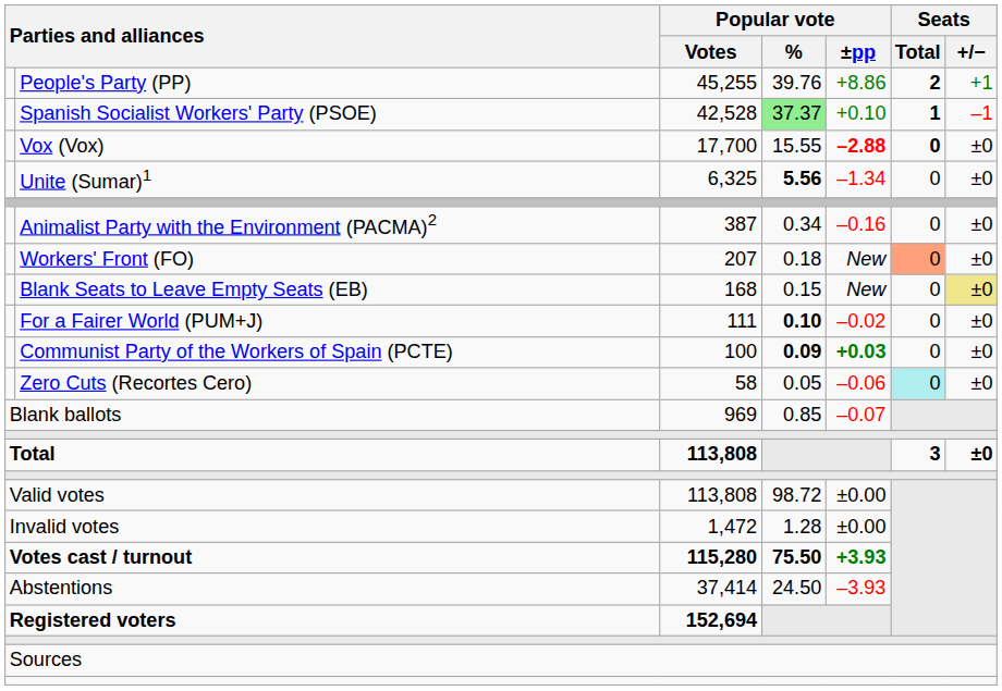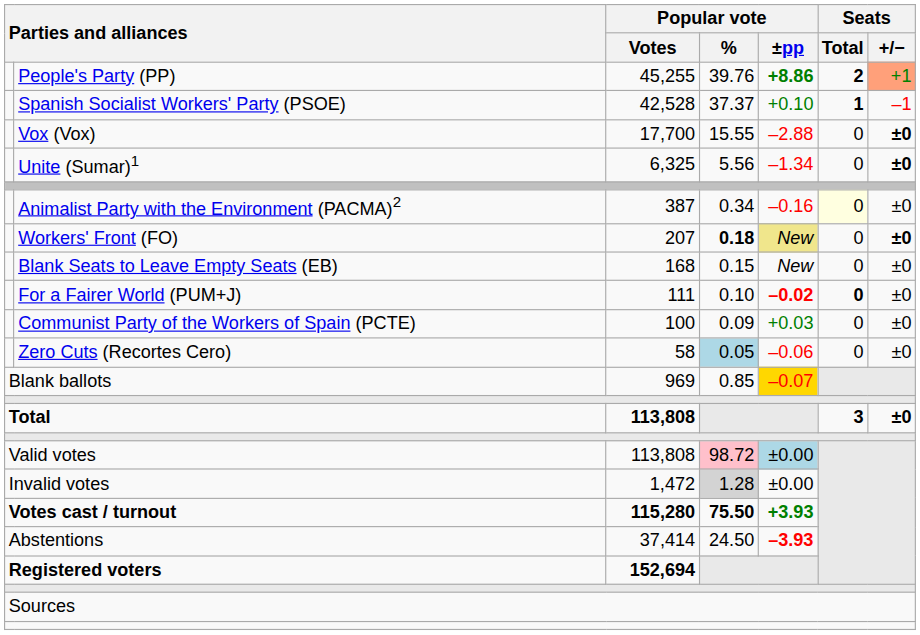 <table class="wikitable" style="text-align:right;">
 <tr>
 <th style="text-align:left;" rowspan="2" colspan="2" width="525">Parties and alliances</th>
 <th colspan="3">Popular vote</th>
 <th colspan="2">Seats</th>
 </tr>
 <tr>
 <th width="75">Votes</th>
 <th width="45">%</th>
 <th width="45">±<a href='#'>pp</a></th>
 <th width="35">Total</th>
 <th width="35">+/−</th>
 </tr>
 <tr>
 <td width="1" style="color:inherit;background:"></td>
 <td align="left"><a href='#'>People's Party</a> (PP)</td>
 <td>45,255</td>
 <td>39.76</td>
-<td style="color:green;">+8.86</td>
+<td style="color:green;"><strong>+8.86</strong></td>
 <td><strong>2</strong></td>
-<td style="color:green;">+1</td>
+<td style="background: lightsalmon; color:green;">+1</td>
 </tr>
 <tr>
 <td style="color:inherit;background:"></td>
 <td align="left"><a href='#'>Spanish Socialist Workers' Party</a> (PSOE)</td>
 <td>42,528</td>
-<td style="background: lightgreen;">37.37</td>
+<td>37.37</td>
 <td style="color:green;">+0.10</td>
 <td><strong>1</strong></td>
 <td style="color:red;">–1</td>
 </tr>
 <tr>
 <td style="color:inherit;background:"></td>
 <td align="left"><a href='#'>Vox</a> (Vox)</td>
 <td>17,700</td>
 <td>15.55</td>
-<td style="color:red;"><strong>–2.88</strong></td>
-<td><strong>0</strong></td>
-<td>±0</td>
+<td style="color:red;">–2.88</td>
+<td>0</td>
+<td><strong>±0</strong></td>
 </tr>
 <tr>
 <td style="color:inherit;background:"></td>
 <td align="left"><a href='#'>Unite</a> (Sumar)<sup>1</sup></td>
 <td>6,325</td>
-<td><strong>5.56</strong></td>
+<td>5.56</td>
 <td style="color:red;">–1.34</td>
 <td>0</td>
-<td>±0</td>
+<td><strong>±0</strong></td>
 </tr>
 <tr>
 <td colspan="7" bgcolor="#C0C0C0"></td>
 </tr>
 <tr>
 <td style="color:inherit;background:"></td>
 <td align="left"><a href='#'>Animalist Party with the Environment</a> (PACMA)<sup>2</sup></td>
 <td>387</td>
 <td>0.34</td>
 <td style="color:red;">–0.16</td>
-<td>0</td>
+<td style="background: lightyellow;">0</td>
 <td>±0</td>
 </tr>
 <tr>
 <td style="color:inherit;background:"></td>
 <td align="left"><a href='#'>Workers' Front</a> (FO)</td>
 <td>207</td>
-<td>0.18</td>
-<td><em>New</em></td>
-<td style="background: lightsalmon;">0</td>
-<td>±0</td>
+<td><strong>0.18</strong></td>
+<td style="background: khaki;"><em>New</em></td>
+<td>0</td>
+<td><strong>±0</strong></td>
 </tr>
 <tr>
 <td style="color:inherit;background:"></td>
 <td align="left"><a href='#'>Blank Seats to Leave Empty Seats</a> (EB)</td>
 <td>168</td>
 <td>0.15</td>
 <td><em>New</em></td>
 <td>0</td>
-<td style="background: khaki;">±0</td>
+<td>±0</td>
 </tr>
 <tr>
 <td style="color:inherit;background:"></td>
 <td align="left"><a href='#'>For a Fairer World</a> (PUM+J)</td>
 <td>111</td>
-<td><strong>0.10</strong></td>
-<td style="color:red;">–0.02</td>
-<td>0</td>
+<td>0.10</td>
+<td style="color:red;"><strong>–0.02</strong></td>
+<td><strong>0</strong></td>
 <td>±0</td>
 </tr>
 <tr>
 <td style="color:inherit;background:"></td>
 <td align="left"><a href='#'>Communist Party of the Workers of Spain</a> (PCTE)</td>
 <td>100</td>
-<td><strong>0.09</strong></td>
-<td style="color:green;"><strong>+0.03</strong></td>
+<td>0.09</td>
+<td style="color:green;">+0.03</td>
 <td>0</td>
 <td>±0</td>
 </tr>
 <tr>
 <td style="color:inherit;background:"></td>
 <td align="left"><a href='#'>Zero Cuts</a> (Recortes Cero)</td>
 <td>58</td>
-<td>0.05</td>
+<td style="background: lightblue;">0.05</td>
 <td style="color:red;">–0.06</td>
-<td style="background: paleturquoise;">0</td>
+<td>0</td>
 <td>±0</td>
 </tr>
 <tr>
 <td align="left" colspan="2">Blank ballots</td>
 <td>969</td>
 <td>0.85</td>
-<td style="color:red;">–0.07</td>
+<td style="background: gold; color:red;">–0.07</td>
 <td bgcolor="#E9E9E9" colspan="2"></td>
 </tr>
 <tr>
 <td colspan="7" bgcolor="#E9E9E9"></td>
 </tr>
 <tr style="font-weight:bold;">
 <td align="left" colspan="2">Total</td>
 <td>113,808</td>
 <td bgcolor="#E9E9E9" colspan="2"></td>
 <td>3</td>
 <td>±0</td>
 </tr>
 <tr>
 <td colspan="7" bgcolor="#E9E9E9"></td>
 </tr>
 <tr>
 <td align="left" colspan="2">Valid votes</td>
 <td>113,808</td>
-<td>98.72</td>
-<td>±0.00</td>
+<td style="background: pink;">98.72</td>
+<td style="background: lightblue;">±0.00</td>
 <td bgcolor="#E9E9E9" colspan="2" rowspan="5"></td>
 </tr>
 <tr>
 <td align="left" colspan="2">Invalid votes</td>
 <td>1,472</td>
-<td>1.28</td>
+<td style="background: lightgrey;">1.28</td>
 <td>±0.00</td>
 </tr>
 <tr style="font-weight:bold;">
 <td align="left" colspan="2">Votes cast / turnout</td>
 <td>115,280</td>
 <td>75.50</td>
 <td style="color:green;">+3.93</td>
 </tr>
 <tr>
 <td align="left" colspan="2">Abstentions</td>
 <td>37,414</td>
 <td>24.50</td>
-<td style="color:red;">–3.93</td>
+<td style="color:red;"><strong>–3.93</strong></td>
 </tr>
 <tr style="font-weight:bold;">
 <td align="left" colspan="2">Registered voters</td>
 <td>152,694</td>
 <td bgcolor="#E9E9E9" colspan="2"></td>
 </tr>
 <tr>
 <td colspan="7" bgcolor="#E9E9E9"></td>
 </tr>
 <tr>
 <td align="left" colspan="7">Sources</td>
 </tr>
 <tr>
 <td colspan="7" style="text-align:left; max-width:790px;"></td>
 </tr>
 </table>
